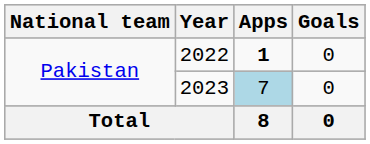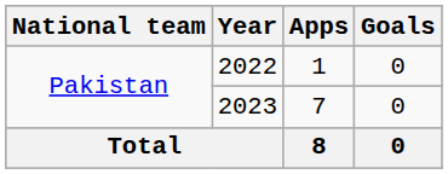 <table class="wikitable" style="text-align:center">
 <tr>
 <th>National team</th>
 <th>Year</th>
 <th>Apps</th>
 <th>Goals</th>
 </tr>
 <tr>
 <td rowspan="2"><a href='#'>Pakistan</a></td>
 <td>2022</td>
-<td><strong>1</strong></td>
+<td>1</td>
 <td>0</td>
 </tr>
 <tr>
 <td>2023</td>
-<td style="background: lightblue;">7</td>
+<td>7</td>
 <td>0</td>
 </tr>
 <tr>
 <th colspan="2">Total</th>
 <th>8</th>
 <th>0</th>
 </tr>
 </table>
